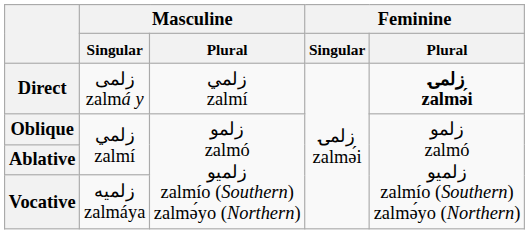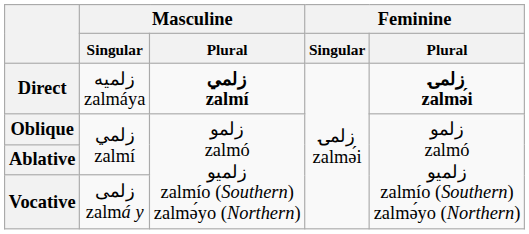 <table class="wikitable" style="text-align: center">
 <tr>
 <th rowspan="2"></th>
 <th colspan="2">Masculine</th>
 <th colspan="2">Feminine</th>
 </tr>
 <tr>
 <th style="border-right;"><small>Singular</small></th>
 <th style="border-left;"><small>Plural</small></th>
 <th style="border-right;"><small>Singular</small></th>
 <th style="border-left;"><small>Plural</small></th>
 </tr>
 <tr>
 <th>Direct</th>
-<td>زلمی<br>zalm<em>á</em> <em>y</em></td>
-<td>زلمي<br>zalmí</td>
+<td>زلمیه<br>zalmáya</td>
+<td><strong>زلمي<br>zalmí</strong></td>
 <td rowspan="4">زلمۍ<br>zalmə́i</td>
 <td><strong>زلمۍ<br>zalmə́i</strong></td>
 </tr>
 <tr>
 <th>Oblique</th>
 <td rowspan="2">زلمي<br>zalmí</td>
 <td rowspan="3">زلمو<br>zalmó<br>زلمیو <br>zalmío (<em>Southern</em>) <br> zalmə́yo (<em>Northern</em>)</td>
 <td rowspan="3">زلمو<br>zalmó<br>زلمیو <br>zalmío (<em>Southern</em>) <br> zalmə́yo (<em>Northern</em>)</td>
 </tr>
 <tr>
 <th>Ablative</th>
 </tr>
 <tr>
 <th>Vocative</th>
-<td>زلمیه<br>zalmáya</td>
+<td>زلمی<br>zalm<em>á</em> <em>y</em></td>
 </tr>
 </table>
